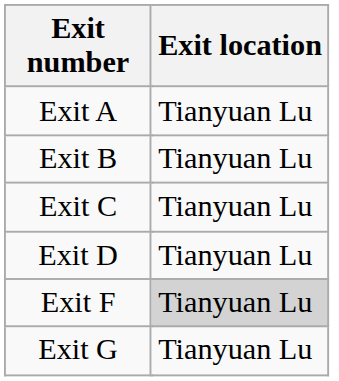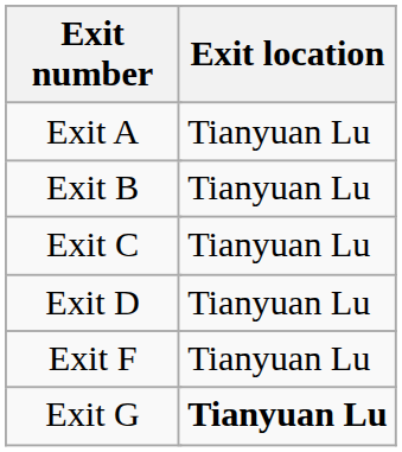 <table class="wikitable">
 <tr>
 <th style="width:70px" colspan="2">Exit number</th>
 <th>Exit location</th>
 </tr>
 <tr>
 <td align="center" colspan="2">Exit A</td>
 <td>Tianyuan Lu</td>
 </tr>
 <tr>
 <td align="center" colspan="2">Exit B</td>
 <td>Tianyuan Lu</td>
 </tr>
 <tr>
 <td align="center" colspan="2">Exit C</td>
 <td>Tianyuan Lu</td>
 </tr>
 <tr>
 <td align="center" colspan="2">Exit D</td>
 <td>Tianyuan Lu</td>
 </tr>
 <tr>
 <td align="center" colspan="2">Exit F</td>
-<td style="background: lightgrey;">Tianyuan Lu</td>
+<td>Tianyuan Lu</td>
 </tr>
 <tr>
 <td align="center" colspan="2">Exit G</td>
-<td>Tianyuan Lu</td>
+<td><strong>Tianyuan Lu</strong></td>
 </tr>
 </table>
